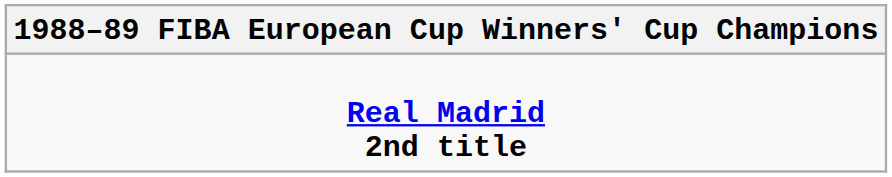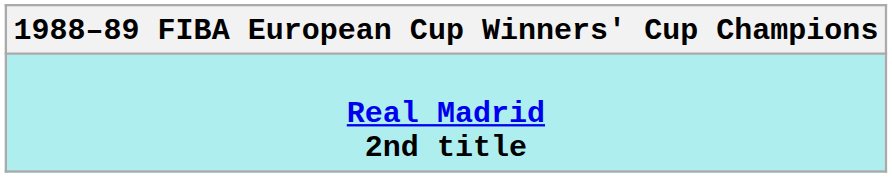 <table class=wikitable style="text-align:center; margin:auto">
 <tr>
 <th>1988–89 FIBA European Cup Winners' Cup Champions</th>
 </tr>
 <tr>
-<td><br> <strong><a href='#'>Real Madrid</a></strong> <br> <strong>2nd title</strong></td>
+<td style="background: paleturquoise;"><br> <strong><a href='#'>Real Madrid</a></strong> <br> <strong>2nd title</strong></td>
 </tr>
 </table>
